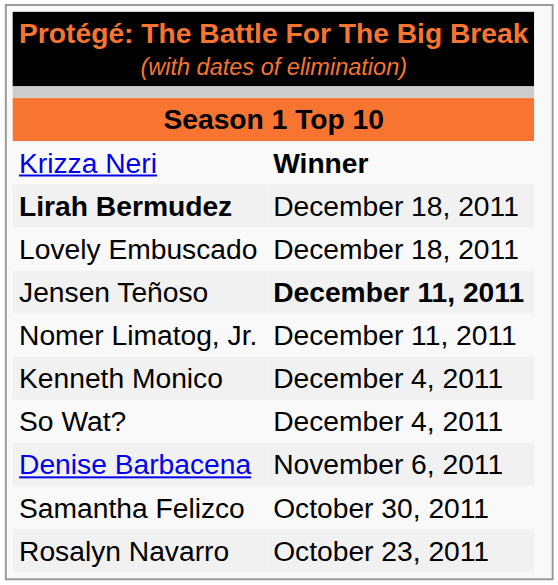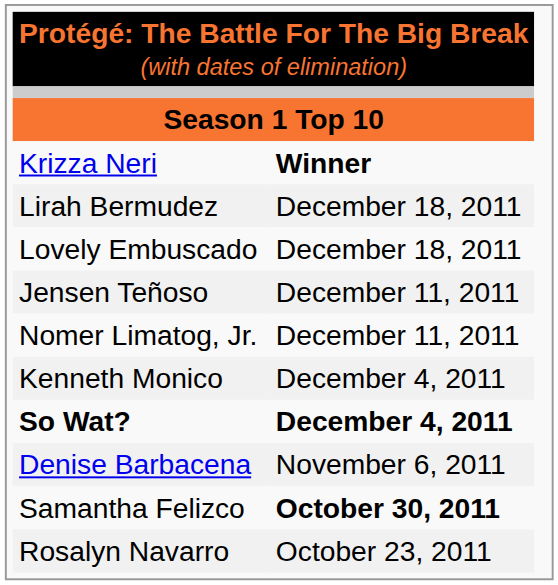 <table class="infobox" cellpadding="3" cellspacing="0" align="right" style="font-size: 90%; margin-left:1em; border:1px solid #999;">
 <tr>
 <td colspan="2" style="background:#000000; text-align:center; color:#F87431"><strong>Protégé: The Battle For The Big Break</strong><br><small><em>(with dates of elimination)</em></small></td>
 </tr>
 <tr>
 <td colspan="2" style="background:#CCCCCC; text-align:center;"></td>
 <td colspan="2" align="center"></td>
 </tr>
 <tr>
 <td colspan="2" style="background:#F87431; text-align:center;"><strong>Season 1 Top 10</strong></td>
 </tr>
 <tr>
 <td style="background:#f9f9f9"><a href='#'>Krizza Neri</a></td>
 <td style="background:#f9f9f9"><strong>Winner</strong></td>
 </tr>
 <tr>
-<td style="background:#f1f1f1"><strong>Lirah Bermudez</strong></td>
+<td style="background:#f1f1f1">Lirah Bermudez</td>
 <td style="background:#f1f1f1">December 18, 2011</td>
 </tr>
 <tr>
 <td style="background:#f9f9f9">Lovely Embuscado</td>
 <td style="background:#f9f9f9">December 18, 2011</td>
 </tr>
 <tr>
 <td style="background:#f1f1f1">Jensen Teñoso</td>
-<td style="background:#f1f1f1"><strong>December 11, 2011</strong></td>
+<td style="background:#f1f1f1">December 11, 2011</td>
 </tr>
 <tr>
 <td style="background:#f9f9f9">Nomer Limatog, Jr.</td>
 <td style="background:#f9f9f9">December 11, 2011</td>
 </tr>
 <tr>
 <td style="background:#f1f1f1">Kenneth Monico</td>
 <td style="background:#f1f1f1">December 4, 2011</td>
 </tr>
 <tr>
-<td style="background:#f9f9f9">So Wat?</td>
-<td style="background:#f9f9f9">December 4, 2011</td>
+<td style="background:#f9f9f9"><strong>So Wat?</strong></td>
+<td style="background:#f9f9f9"><strong>December 4, 2011</strong></td>
 </tr>
 <tr>
 <td style="background:#f1f1f1"><a href='#'>Denise Barbacena</a></td>
 <td style="background:#f1f1f1">November 6, 2011</td>
 </tr>
 <tr>
 <td style="background:#f9f9f9">Samantha Felizco</td>
-<td style="background:#f9f9f9">October 30, 2011</td>
+<td style="background:#f9f9f9"><strong>October 30, 2011</strong></td>
 </tr>
 <tr>
 <td style="background:#f1f1f1">Rosalyn Navarro</td>
 <td style="background:#f1f1f1">October 23, 2011</td>
 </tr>
 <tr>
 </tr>
 </table>
